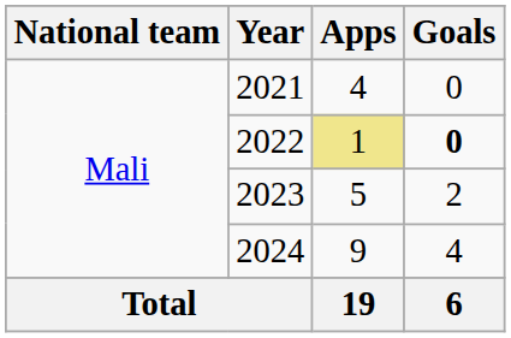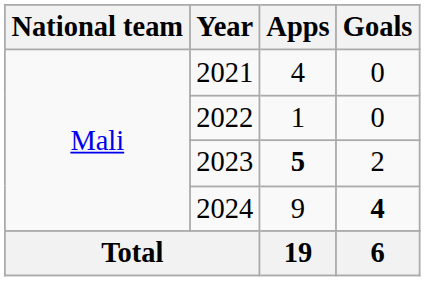 <table class="wikitable" style="text-align:center">
 <tr>
 <th>National team</th>
 <th>Year</th>
 <th>Apps</th>
 <th>Goals</th>
 </tr>
 <tr>
 <td rowspan="4"><a href='#'>Mali</a></td>
 <td>2021</td>
 <td>4</td>
 <td>0</td>
 </tr>
 <tr>
 <td>2022</td>
-<td style="background: khaki;">1</td>
-<td><strong>0</strong></td>
+<td>1</td>
+<td>0</td>
 </tr>
 <tr>
 <td>2023</td>
-<td>5</td>
+<td><strong>5</strong></td>
 <td>2</td>
 </tr>
 <tr>
 <td>2024</td>
 <td>9</td>
-<td>4</td>
+<td><strong>4</strong></td>
 </tr>
 <tr>
 <th colspan="2">Total</th>
 <th>19</th>
 <th>6</th>
 </tr>
 </table>
